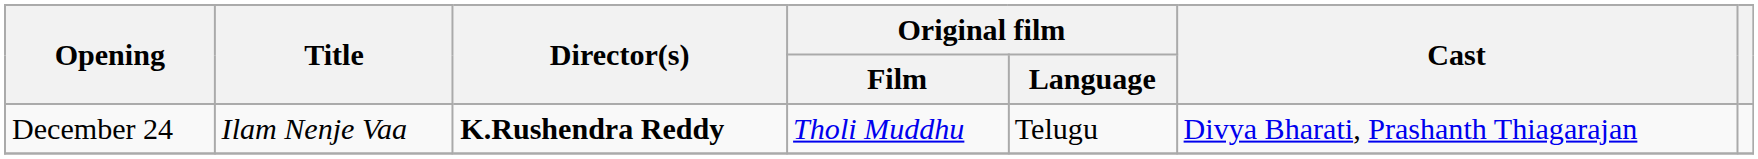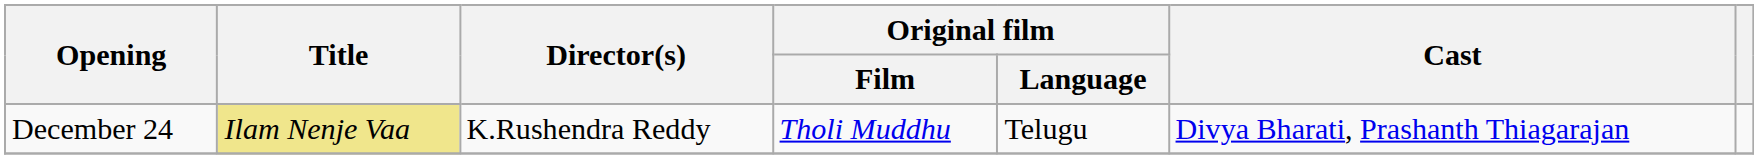 <table class="wikitable sortable"  style="width:100%; font-size:95%;">
 <tr>
 <th scope="col" rowspan="2">Opening</th>
 <th scope="col" rowspan="2">Title</th>
 <th scope="col" rowspan="2">Director(s)</th>
 <th scope="col" colspan="2">Original film</th>
 <th scope="col" rowspan="2">Cast</th>
 <th scope="col" rowspan="2" class="unsortable"></th>
 </tr>
 <tr>
 <th scope="col">Film</th>
 <th scope="col">Language</th>
 </tr>
 <tr>
 <td>December 24</td>
-<td><em>Ilam Nenje Vaa</em></td>
-<td><strong>K.Rushendra Reddy</strong></td>
+<td style="background: khaki;"><em>Ilam Nenje Vaa</em></td>
+<td>K.Rushendra Reddy</td>
 <td><em><a href='#'>Tholi Muddhu</a></em></td>
 <td>Telugu</td>
 <td><a href='#'>Divya Bharati</a>, <a href='#'>Prashanth Thiagarajan</a></td>
 <td></td>
 </tr>
 <tr>
 </tr>
 </table>
